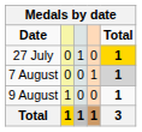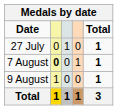 <table class="wikitable" style="font-size:85%">
 <tr bgcolor="#efefef">
 <th colspan=6>Medals by date</th>
 </tr>
 <tr align=center>
 <td><strong>Date</strong></td>
 <td bgcolor=#f7f6a8></td>
 <td bgcolor=#dce5e5></td>
 <td bgcolor=#ffdab9></td>
 <td><strong>Total</strong></td>
 </tr>
 <tr align=center>
 <td>27 July</td>
 <td style="background:#F7F6A8;">0</td>
 <td style="background:#DCE5E5;">1</td>
 <td style="background:#FFDAB9;">0</td>
-<td style="background: gold;"><strong>1</strong></td>
+<td><strong>1</strong></td>
 </tr>
 <tr align=center>
 <td>7 August</td>
-<td style="background:#F7F6A8;">0</td>
+<td style="background:#F7F6A8;"><strong>0</strong></td>
 <td style="background:#DCE5E5;">0</td>
 <td style="background:#FFDAB9;">1</td>
-<td style="background: lightgrey;"><strong>1</strong></td>
+<td><strong>1</strong></td>
 </tr>
 <tr align=center>
 <td>9 August</td>
 <td style="background:#F7F6A8;">1</td>
 <td style="background:#DCE5E5;">0</td>
 <td style="background:#FFDAB9;">0</td>
 <td><strong>1</strong></td>
 </tr>
 <tr align=center>
 <th><strong>Total</strong></th>
 <th style="background:gold;"><strong>1</strong></th>
 <th style="background:silver;"><strong>1</strong></th>
 <th style="background:#c96;"><strong>1</strong></th>
 <th>3</th>
 </tr>
 </table>
